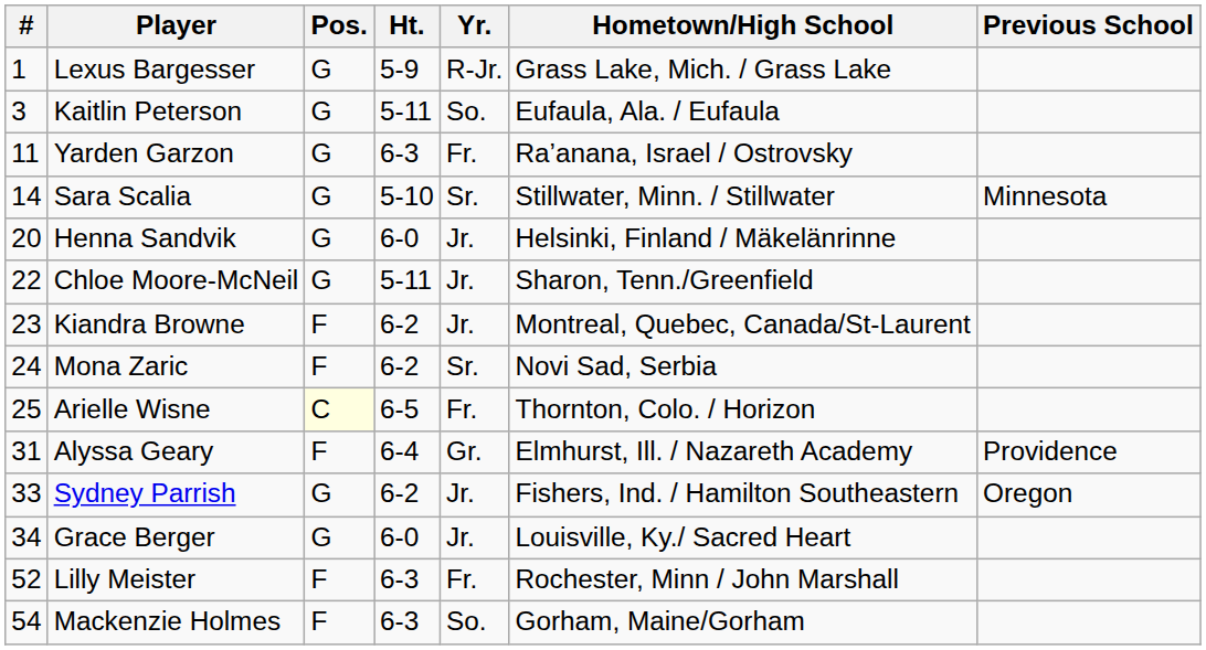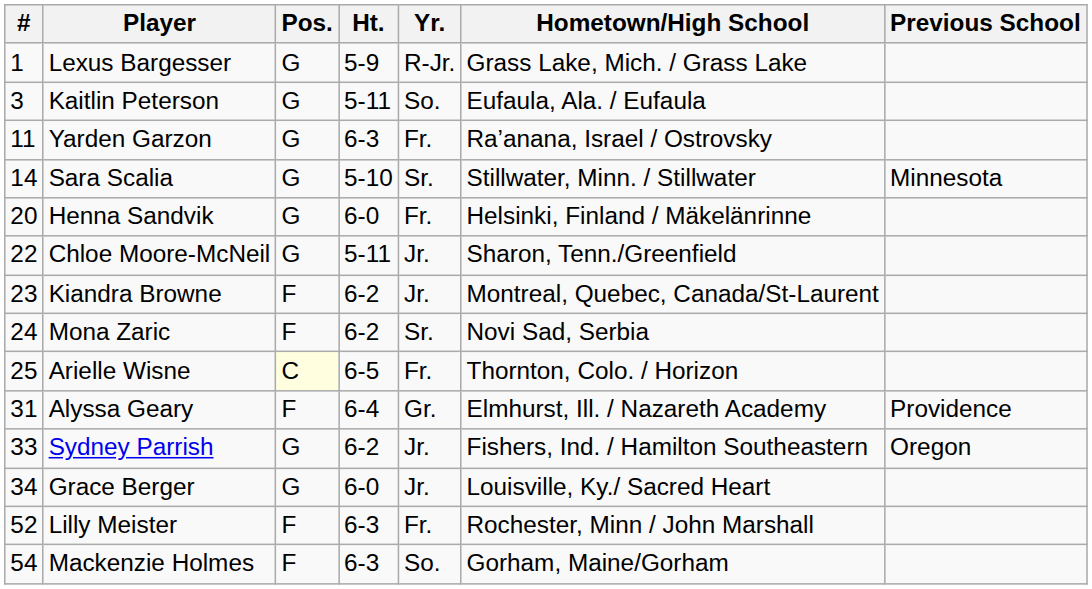 <table class="wikitable">
 <tr>
 <th width=px>#</th>
 <th width=px>Player</th>
 <th width=px>Pos.</th>
 <th width=px>Ht.</th>
 <th width=px>Yr.</th>
 <th width=px>Hometown/High School</th>
 <th width=px>Previous School</th>
 </tr>
 <tr>
 <td>1</td>
 <td>Lexus Bargesser</td>
 <td>G</td>
 <td>5-9</td>
 <td>R-Jr.</td>
 <td>Grass Lake, Mich. / Grass Lake</td>
 <td></td>
 </tr>
 <tr>
 <td>3</td>
 <td>Kaitlin Peterson</td>
 <td>G</td>
 <td>5-11</td>
 <td>So.</td>
 <td>Eufaula, Ala. / Eufaula</td>
 <td></td>
 </tr>
 <tr>
 <td>11</td>
 <td>Yarden Garzon</td>
 <td>G</td>
 <td>6-3</td>
 <td>Fr.</td>
 <td>Ra’anana, Israel / Ostrovsky</td>
 <td></td>
 </tr>
 <tr>
 <td>14</td>
 <td>Sara Scalia</td>
 <td>G</td>
 <td>5-10</td>
 <td>Sr.</td>
 <td>Stillwater, Minn. / Stillwater</td>
 <td>Minnesota</td>
 </tr>
 <tr>
 <td>20</td>
 <td>Henna Sandvik</td>
 <td>G</td>
 <td>6-0</td>
-<td>Jr.</td>
+<td>Fr.</td>
 <td>Helsinki, Finland / Mäkelänrinne</td>
 <td></td>
 </tr>
 <tr>
 <td>22</td>
 <td>Chloe Moore-McNeil</td>
 <td>G</td>
 <td>5-11</td>
 <td>Jr.</td>
 <td>Sharon, Tenn./Greenfield</td>
 <td></td>
 </tr>
 <tr>
 <td>23</td>
 <td>Kiandra Browne</td>
 <td>F</td>
 <td>6-2</td>
 <td>Jr.</td>
 <td>Montreal, Quebec, Canada/St-Laurent</td>
 <td></td>
 </tr>
 <tr>
 <td>24</td>
 <td>Mona Zaric</td>
 <td>F</td>
 <td>6-2</td>
 <td>Sr.</td>
 <td>Novi Sad, Serbia</td>
 <td></td>
 </tr>
 <tr>
 <td>25</td>
 <td>Arielle Wisne</td>
 <td style="background: lightyellow;">C</td>
 <td>6-5</td>
 <td>Fr.</td>
 <td>Thornton, Colo. / Horizon</td>
 <td></td>
 </tr>
 <tr>
 <td>31</td>
 <td>Alyssa Geary</td>
 <td>F</td>
 <td>6-4</td>
 <td>Gr.</td>
 <td>Elmhurst, Ill. / Nazareth Academy</td>
 <td>Providence</td>
 </tr>
 <tr>
 <td>33</td>
 <td><a href='#'>Sydney Parrish</a></td>
 <td>G</td>
 <td>6-2</td>
 <td>Jr.</td>
 <td>Fishers, Ind. / Hamilton Southeastern</td>
 <td>Oregon</td>
 </tr>
 <tr>
 <td>34</td>
 <td>Grace Berger</td>
 <td>G</td>
 <td>6-0</td>
 <td>Jr.</td>
 <td>Louisville, Ky./ Sacred Heart</td>
 <td></td>
 </tr>
 <tr>
 <td>52</td>
 <td>Lilly Meister</td>
 <td>F</td>
 <td>6-3</td>
 <td>Fr.</td>
 <td>Rochester, Minn / John Marshall</td>
 <td></td>
 </tr>
 <tr>
 <td>54</td>
 <td>Mackenzie Holmes</td>
 <td>F</td>
 <td>6-3</td>
 <td>So.</td>
 <td>Gorham, Maine/Gorham</td>
 <td></td>
 </tr>
 </table>
